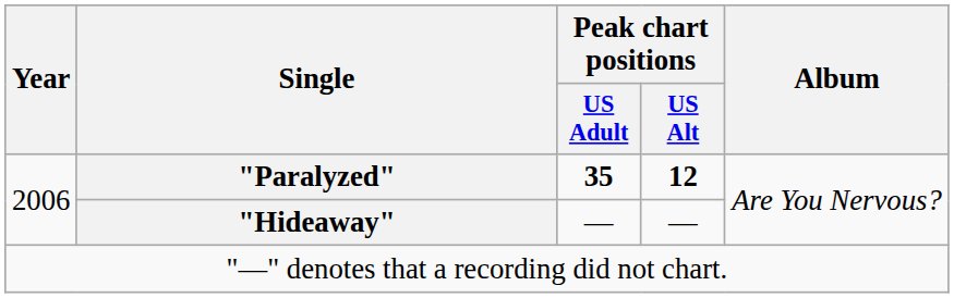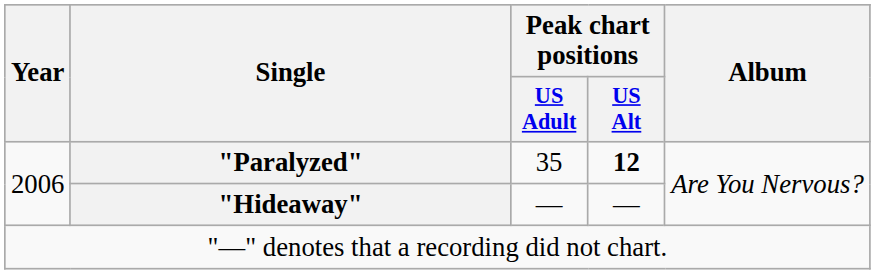 <table class="wikitable plainrowheaders" style="text-align:center;">
 <tr>
 <th rowspan="2">Year</th>
 <th rowspan="2" style="width:16em;">Single</th>
 <th colspan="2">Peak chart<br>positions</th>
 <th rowspan="2">Album</th>
 </tr>
 <tr style="font-size:smaller;">
 <th width="40"><a href='#'>US Adult</a><br></th>
 <th width="40"><a href='#'>US<br>Alt</a><br></th>
 </tr>
 <tr>
 <td rowspan="2">2006</td>
 <th scope="row">"Paralyzed"</th>
-<td><strong>35</strong></td>
+<td>35</td>
 <td><strong>12</strong></td>
 <td align="center" rowspan="2"><em>Are You Nervous?</em></td>
 </tr>
 <tr>
 <th scope="row">"Hideaway"</th>
 <td>—</td>
 <td>—</td>
 </tr>
 <tr>
 <td colspan="12">"—" denotes that a recording did not chart.</td>
 </tr>
 </table>
